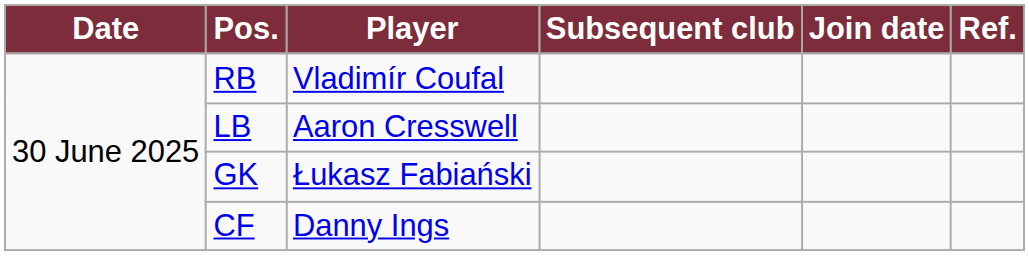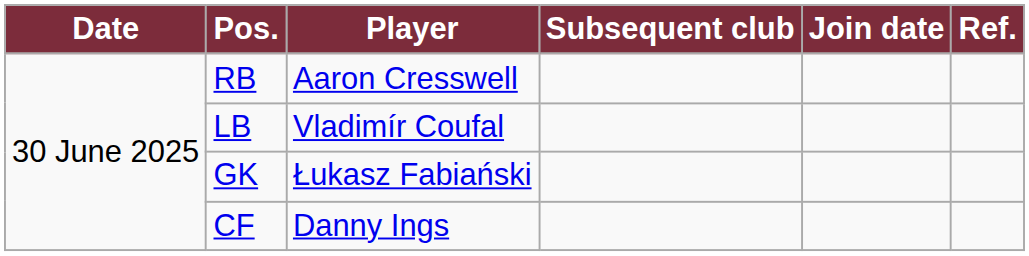 <table class="wikitable plainrowheaders sortable">
 <tr>
 <th style="background:#7C2C3B; color:#FFFFFF; ">Date</th>
 <th style="background:#7C2C3B; color:#FFFFFF; ">Pos.</th>
 <th style="background:#7C2C3B; color:#FFFFFF; ">Player</th>
 <th style="background:#7C2C3B; color:#FFFFFF; ">Subsequent club</th>
 <th style="background:#7C2C3B; color:#FFFFFF; ">Join date</th>
 <th style="background:#7C2C3B; color:#FFFFFF; ">Ref.</th>
 </tr>
 <tr>
 <td rowspan="4">30 June 2025</td>
 <td><a href='#'>RB</a></td>
-<td> <a href='#'>Vladimír Coufal</a></td>
+<td> <a href='#'>Aaron Cresswell</a></td>
 <td></td>
 <td></td>
 <td></td>
 </tr>
 <tr>
 <td><a href='#'>LB</a></td>
-<td> <a href='#'>Aaron Cresswell</a></td>
+<td> <a href='#'>Vladimír Coufal</a></td>
 <td></td>
 <td></td>
 <td></td>
 </tr>
 <tr>
 <td><a href='#'>GK</a></td>
 <td> <a href='#'>Łukasz Fabiański</a></td>
 <td></td>
 <td></td>
 <td></td>
 </tr>
 <tr>
 <td><a href='#'>CF</a></td>
 <td> <a href='#'>Danny Ings</a></td>
 <td></td>
 <td></td>
 <td></td>
 </tr>
 </table>
